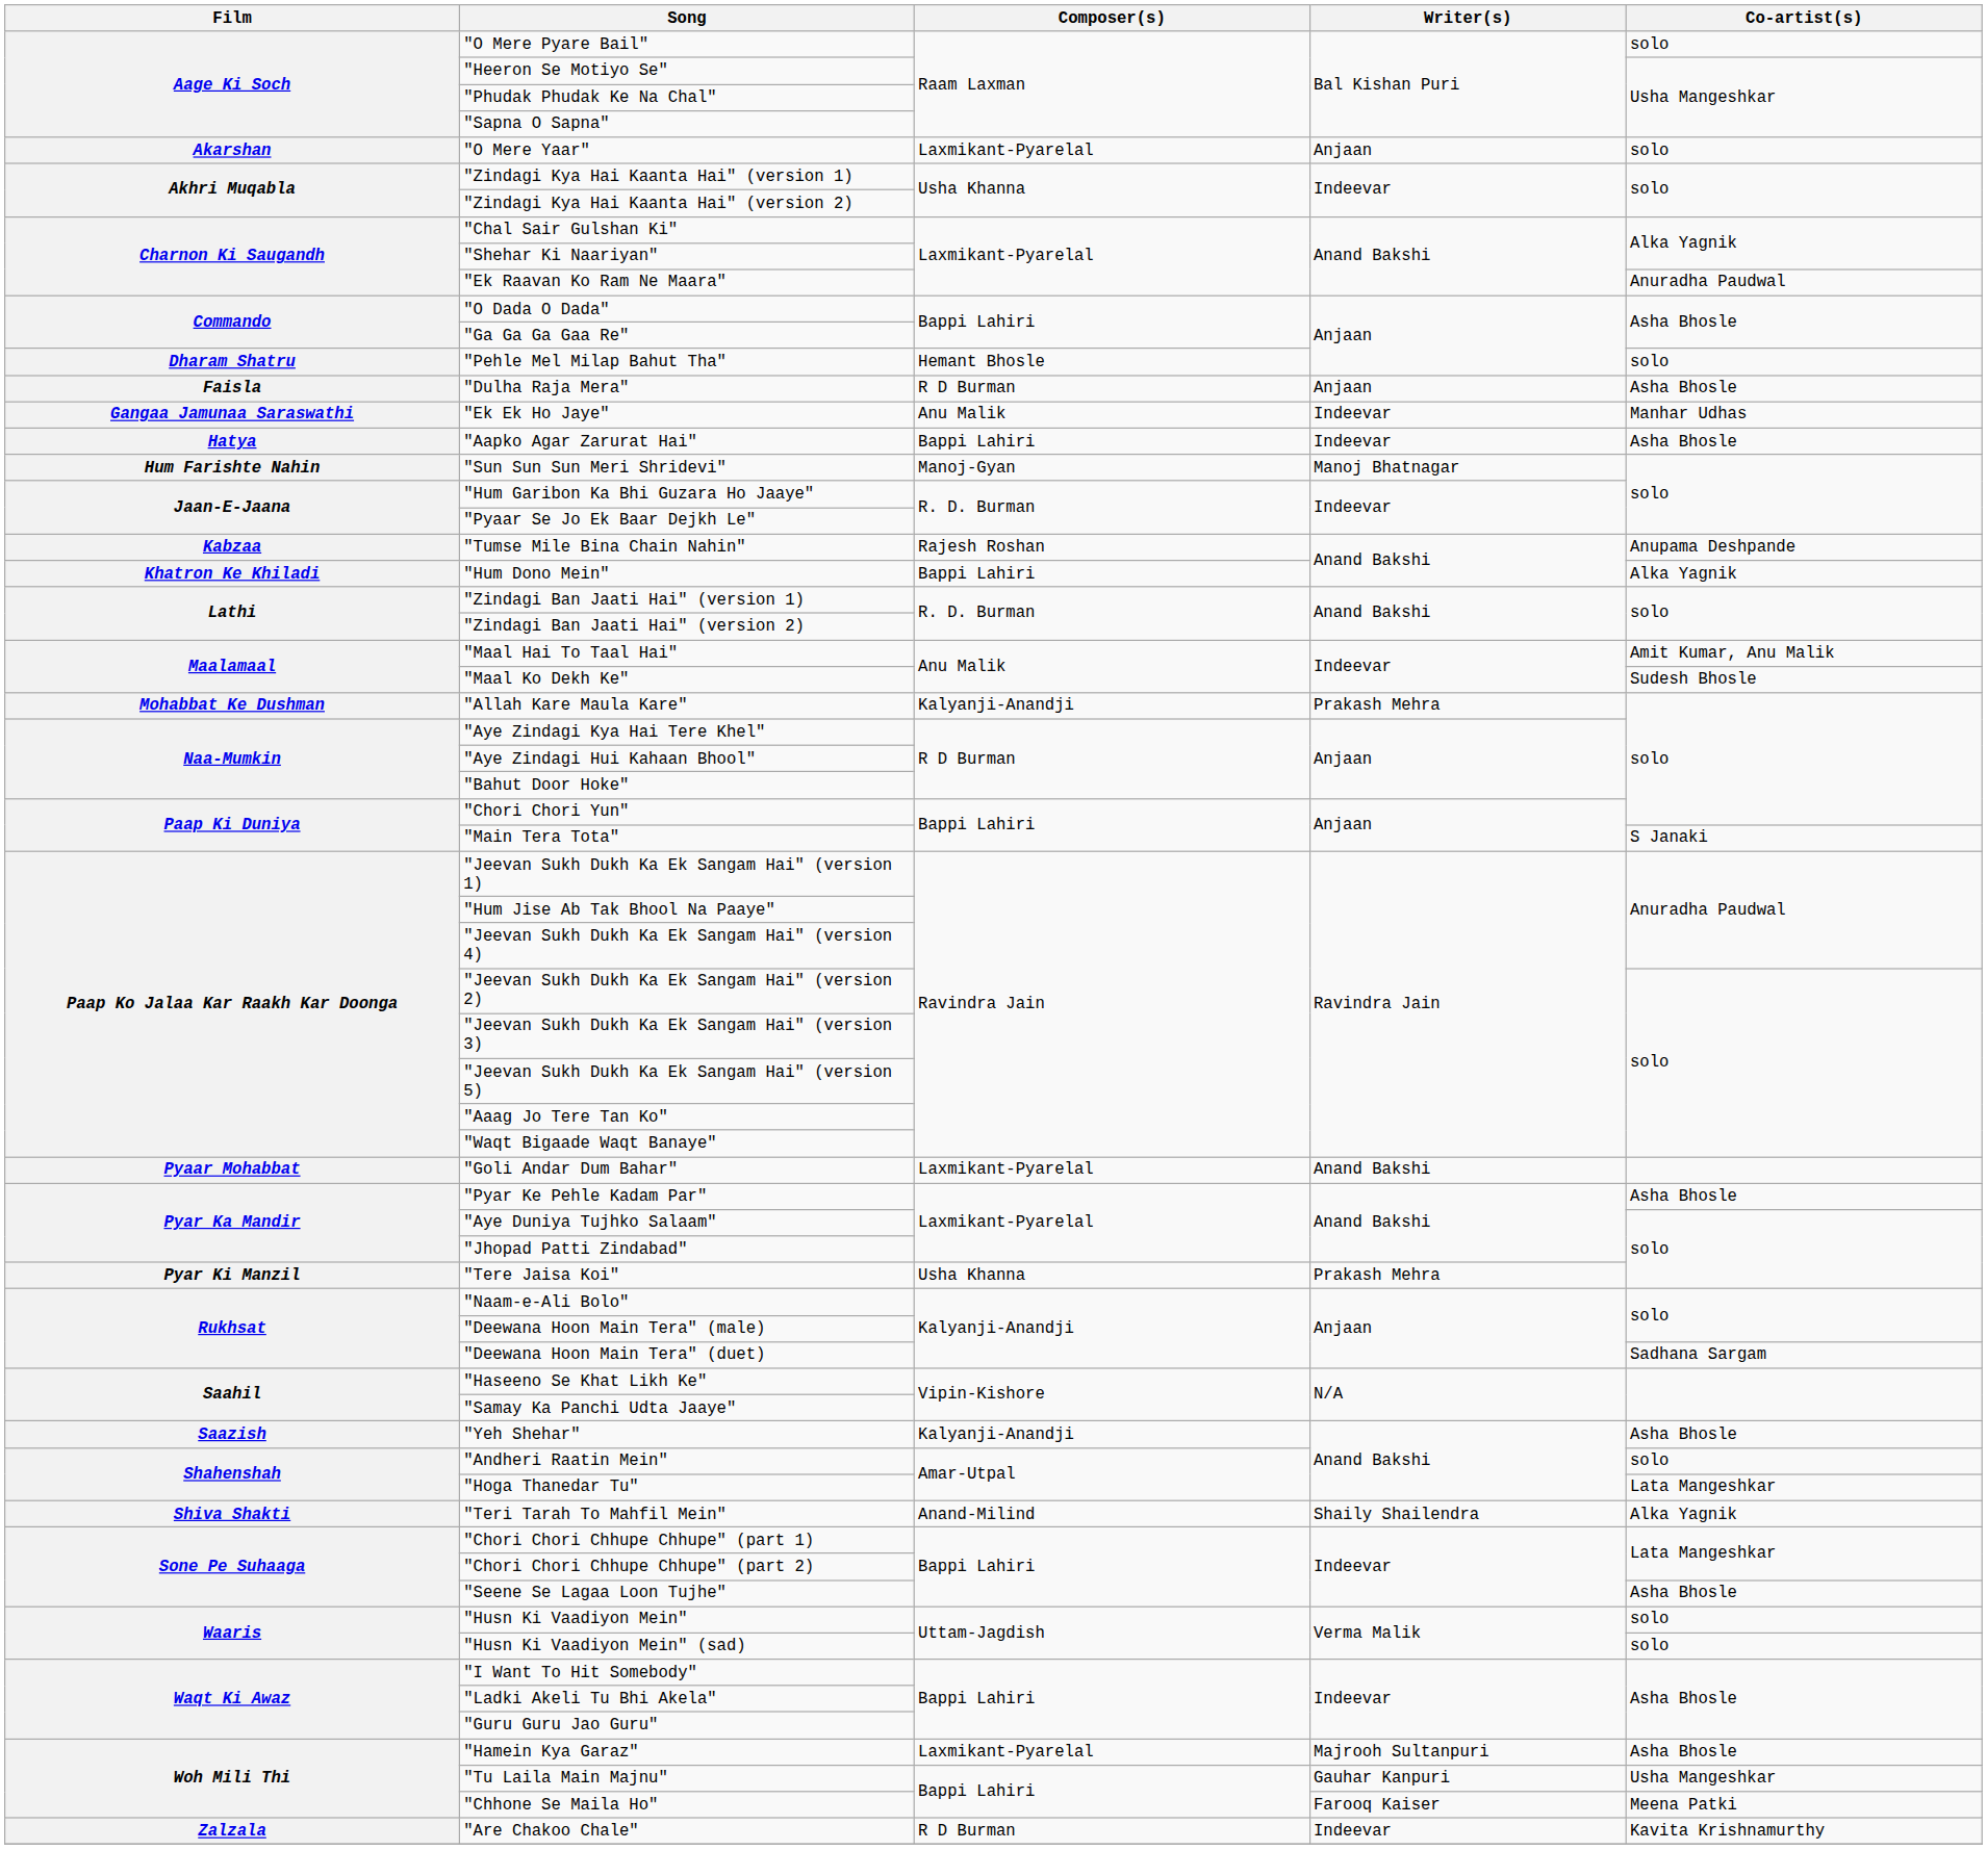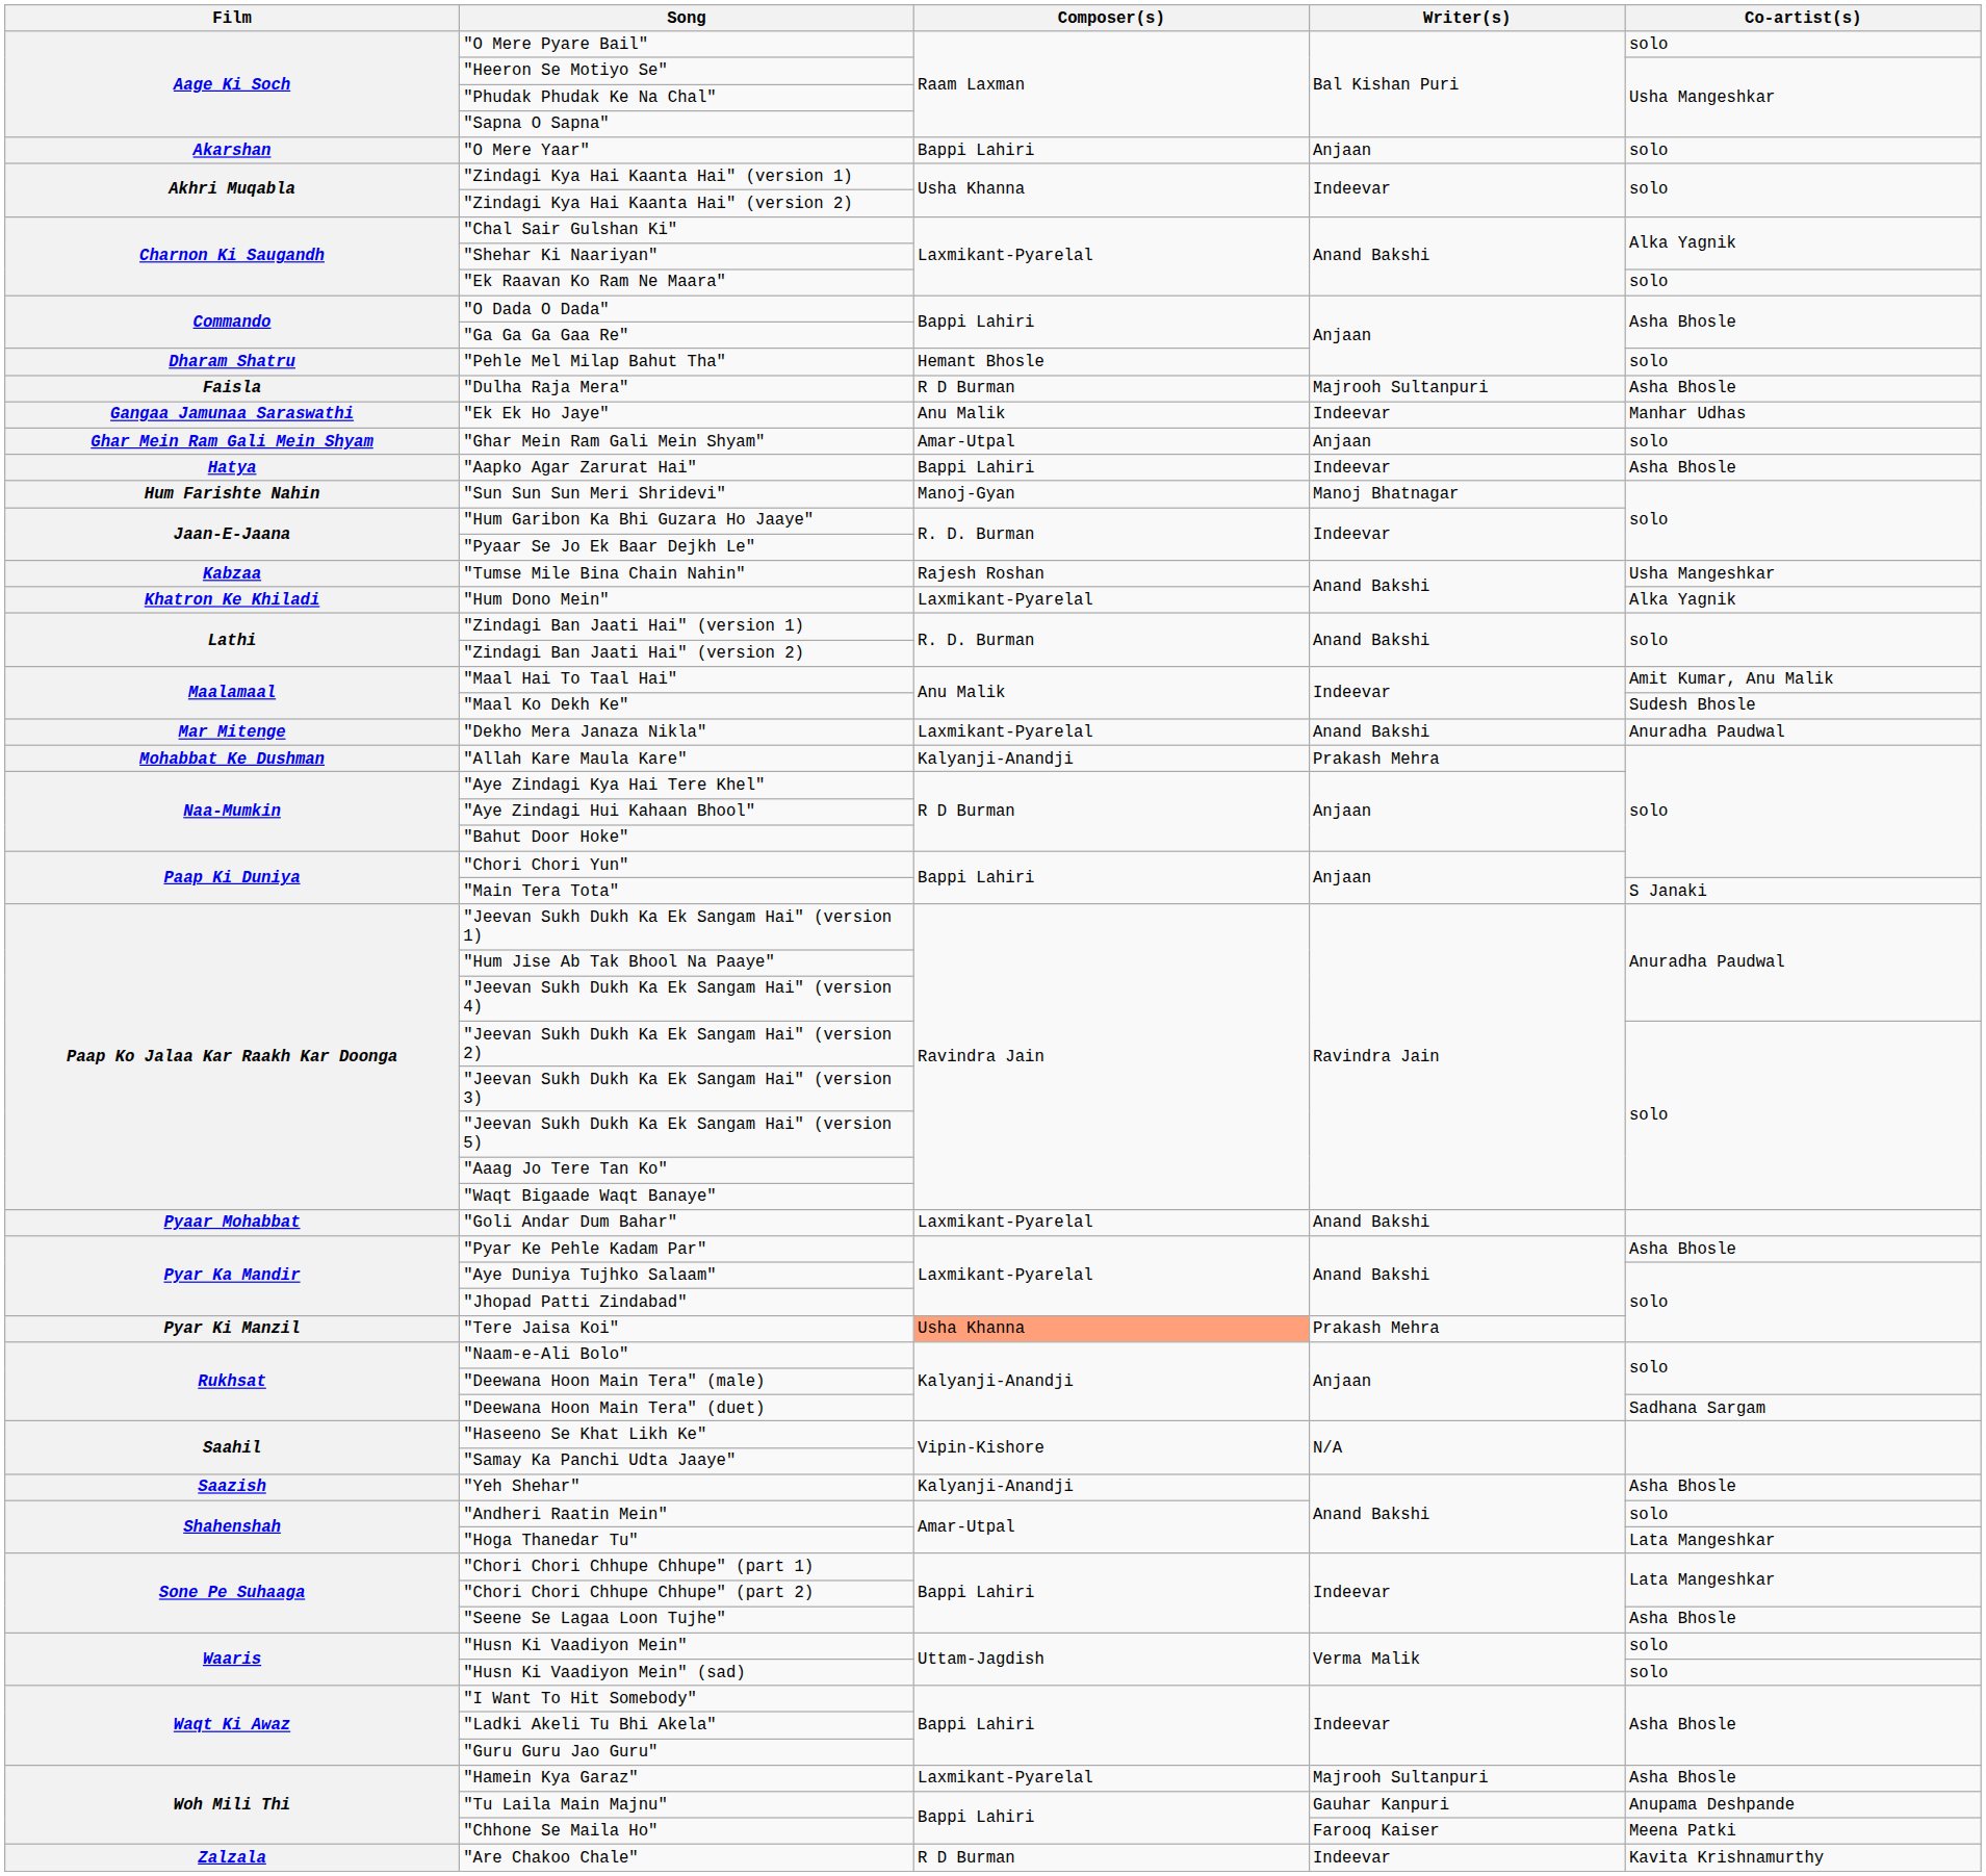 <table class="wikitable plainrowheaders" width="100%" textcolor:#000;">
 <tr style="background:#b0e0e66;">
 <th scope="col" width=23%><strong>Film</strong></th>
 <th scope="col" width=23%><strong>Song</strong></th>
 <th scope="col" width=20%><strong>Composer(s)</strong></th>
 <th scope="col" width=16%><strong>Writer(s)</strong></th>
 <th scope="col" width=18%><strong>Co-artist(s)</strong></th>
 </tr>
 <tr>
 <th rowspan=4><em><a href='#'>Aage Ki Soch</a></em></th>
 <td>"O Mere Pyare Bail"</td>
 <td rowspan=4>Raam Laxman</td>
 <td rowspan=4>Bal Kishan Puri</td>
 <td>solo</td>
 </tr>
 <tr>
 <td>"Heeron Se Motiyo Se"</td>
 <td rowspan=3>Usha Mangeshkar</td>
 </tr>
 <tr>
 <td>"Phudak Phudak Ke Na Chal"</td>
 </tr>
 <tr>
 <td>"Sapna O Sapna"</td>
 </tr>
 <tr>
 <th><em><a href='#'>Akarshan</a></em></th>
 <td>"O Mere Yaar"</td>
-<td>Laxmikant-Pyarelal</td>
+<td>Bappi Lahiri</td>
 <td>Anjaan</td>
 <td>solo</td>
 </tr>
 <tr>
 <th rowspan=2><em>Akhri Muqabla</em></th>
 <td>"Zindagi Kya Hai Kaanta Hai" (version 1)</td>
 <td rowspan=2>Usha Khanna</td>
 <td rowspan=2>Indeevar</td>
 <td rowspan=2>solo</td>
 </tr>
 <tr>
 <td>"Zindagi Kya Hai Kaanta Hai" (version 2)</td>
 </tr>
 <tr>
 <th rowspan=3><em><a href='#'>Charnon Ki Saugandh</a></em></th>
 <td>"Chal Sair Gulshan Ki"</td>
 <td rowspan=3>Laxmikant-Pyarelal</td>
 <td rowspan=3>Anand Bakshi</td>
 <td rowspan=2>Alka Yagnik</td>
 </tr>
 <tr>
 <td>"Shehar Ki Naariyan"</td>
 </tr>
 <tr>
 <td>"Ek Raavan Ko Ram Ne Maara"</td>
-<td>Anuradha Paudwal</td>
+<td>solo</td>
 </tr>
 <tr>
 <th rowspan=2><em><a href='#'>Commando</a></em></th>
 <td>"O Dada O Dada"</td>
 <td rowspan=2>Bappi Lahiri</td>
 <td rowspan=3>Anjaan</td>
 <td Rowspan=2>Asha Bhosle</td>
 </tr>
 <tr>
 <td>"Ga Ga Ga Gaa Re"</td>
 </tr>
 <tr>
 <th><em><a href='#'>Dharam Shatru</a></em></th>
 <td>"Pehle Mel Milap Bahut Tha"</td>
 <td>Hemant Bhosle</td>
 <td>solo</td>
 </tr>
 <tr>
 <th><em>Faisla</em></th>
 <td>"Dulha Raja Mera"</td>
 <td>R D Burman</td>
-<td>Anjaan</td>
+<td>Majrooh Sultanpuri</td>
 <td>Asha Bhosle</td>
 </tr>
 <tr>
 <th><em><a href='#'>Gangaa Jamunaa Saraswathi</a></em></th>
 <td>"Ek Ek Ho Jaye"</td>
 <td>Anu Malik</td>
 <td>Indeevar</td>
 <td>Manhar Udhas</td>
+</tr>
+<tr>
+<th><em><a href='#'>Ghar Mein Ram Gali Mein Shyam</a></em></th>
+<td>"Ghar Mein Ram Gali Mein Shyam"</td>
+<td>Amar-Utpal</td>
+<td>Anjaan</td>
+<td>solo</td>
 </tr>
 <tr>
 <th><em><a href='#'>Hatya</a></em></th>
 <td>"Aapko Agar Zarurat Hai"</td>
 <td>Bappi Lahiri</td>
 <td>Indeevar</td>
 <td>Asha Bhosle</td>
 </tr>
 <tr>
 <th><em>Hum Farishte Nahin</em></th>
 <td>"Sun Sun Sun Meri Shridevi"</td>
 <td>Manoj-Gyan</td>
 <td>Manoj Bhatnagar</td>
 <td rowspan=3>solo</td>
 </tr>
 <tr>
 <th rowspan=2><em>Jaan-E-Jaana</em></th>
 <td>"Hum Garibon Ka Bhi Guzara Ho Jaaye"</td>
 <td rowspan=2>R. D. Burman</td>
 <td rowspan=2>Indeevar</td>
 </tr>
 <tr>
 <td>"Pyaar Se Jo Ek Baar Dejkh Le"</td>
 </tr>
 <tr>
 <th><em><a href='#'>Kabzaa</a></em></th>
 <td>"Tumse Mile Bina Chain Nahin"</td>
 <td>Rajesh Roshan</td>
 <td rowspan=2>Anand Bakshi</td>
-<td>Anupama Deshpande</td>
+<td>Usha Mangeshkar</td>
 </tr>
 <tr>
 <th><em><a href='#'>Khatron Ke Khiladi</a></em></th>
 <td>"Hum Dono Mein"</td>
-<td>Bappi Lahiri</td>
+<td>Laxmikant-Pyarelal</td>
 <td>Alka Yagnik</td>
 </tr>
 <tr>
 <th rowspan=2><em>Lathi</em></th>
 <td>"Zindagi Ban Jaati Hai" (version 1)</td>
 <td rowspan=2>R. D. Burman</td>
 <td rowspan=2>Anand Bakshi</td>
 <td rowspan=2>solo</td>
 </tr>
 <tr>
 <td>"Zindagi Ban Jaati Hai" (version 2)</td>
 </tr>
 <tr>
 <th rowspan=2><em><a href='#'>Maalamaal</a></em></th>
 <td>"Maal Hai To Taal Hai"</td>
 <td rowspan=2>Anu Malik</td>
 <td rowspan=2>Indeevar</td>
 <td>Amit Kumar, Anu Malik</td>
 </tr>
 <tr>
 <td>"Maal Ko Dekh Ke"</td>
 <td>Sudesh Bhosle</td>
+</tr>
+<tr>
+<th><em><a href='#'>Mar Mitenge</a></em></th>
+<td>"Dekho Mera Janaza Nikla"</td>
+<td>Laxmikant-Pyarelal</td>
+<td>Anand Bakshi</td>
+<td>Anuradha Paudwal</td>
 </tr>
 <tr>
 <th><em><a href='#'>Mohabbat Ke Dushman</a></em></th>
 <td>"Allah Kare Maula Kare"</td>
 <td>Kalyanji-Anandji</td>
 <td>Prakash Mehra</td>
 <td rowspan=5>solo</td>
 </tr>
 <tr>
 <th rowspan=3><em><a href='#'>Naa-Mumkin</a></em></th>
 <td>"Aye Zindagi Kya Hai Tere Khel"</td>
 <td rowspan=3>R D Burman</td>
 <td rowspan=3>Anjaan</td>
 </tr>
 <tr>
 <td>"Aye Zindagi Hui Kahaan Bhool"</td>
 </tr>
 <tr>
 <td>"Bahut Door Hoke"</td>
 </tr>
 <tr>
 <th rowspan=2><em><a href='#'>Paap Ki Duniya</a></em></th>
 <td>"Chori Chori Yun"</td>
 <td rowspan=2>Bappi Lahiri</td>
 <td rowspan=2>Anjaan</td>
 </tr>
 <tr>
 <td>"Main Tera Tota"</td>
 <td>S Janaki</td>
 </tr>
 <tr>
 <th rowspan=8><em>Paap Ko Jalaa Kar Raakh Kar Doonga</em></th>
 <td>"Jeevan Sukh Dukh Ka Ek Sangam Hai" (version 1)</td>
 <td rowspan=8>Ravindra Jain</td>
 <td rowspan=8>Ravindra Jain</td>
 <td rowspan=3>Anuradha Paudwal</td>
 </tr>
 <tr>
 <td>"Hum Jise Ab Tak Bhool Na Paaye"</td>
 </tr>
 <tr>
 <td>"Jeevan Sukh Dukh Ka Ek Sangam Hai" (version 4)</td>
 </tr>
 <tr>
 <td>"Jeevan Sukh Dukh Ka Ek Sangam Hai" (version 2)</td>
 <td rowspan=5>solo</td>
 </tr>
 <tr>
 <td>"Jeevan Sukh Dukh Ka Ek Sangam Hai" (version 3)</td>
 </tr>
 <tr>
 <td>"Jeevan Sukh Dukh Ka Ek Sangam Hai" (version 5)</td>
 </tr>
 <tr>
 <td>"Aaag Jo Tere Tan Ko"</td>
 </tr>
 <tr>
 <td>"Waqt Bigaade Waqt Banaye"</td>
 </tr>
 <tr>
 <th><em><a href='#'>Pyaar Mohabbat</a></em></th>
 <td>"Goli Andar Dum Bahar"</td>
 <td>Laxmikant-Pyarelal</td>
 <td>Anand Bakshi</td>
 </tr>
 <tr>
 <th rowspan=3><em><a href='#'>Pyar Ka Mandir</a></em></th>
 <td>"Pyar Ke Pehle Kadam Par"</td>
 <td rowspan=3>Laxmikant-Pyarelal</td>
 <td rowspan=3>Anand Bakshi</td>
 <td>Asha Bhosle</td>
 </tr>
 <tr>
 <td>"Aye Duniya Tujhko Salaam"</td>
 <td rowspan=3>solo</td>
 </tr>
 <tr>
 <td>"Jhopad Patti Zindabad"</td>
 </tr>
 <tr>
 <th><em>Pyar Ki Manzil</em></th>
 <td>"Tere Jaisa Koi"</td>
-<td>Usha Khanna</td>
+<td style="background: lightsalmon;">Usha Khanna</td>
 <td>Prakash Mehra</td>
 </tr>
 <tr>
 <th rowspan=3><em><a href='#'>Rukhsat</a></em></th>
 <td>"Naam-e-Ali Bolo"</td>
 <td rowspan=3>Kalyanji-Anandji</td>
 <td rowspan=3>Anjaan</td>
 <td rowspan=2>solo</td>
 </tr>
 <tr>
 <td>"Deewana Hoon Main Tera" (male)</td>
 </tr>
 <tr>
 <td>"Deewana Hoon Main Tera" (duet)</td>
 <td>Sadhana Sargam</td>
 </tr>
 <tr>
 <th rowspan=2><em>Saahil</em></th>
 <td>"Haseeno Se Khat Likh Ke"</td>
 <td rowspan=2>Vipin-Kishore</td>
 <td rowspan=2>N/A</td>
 </tr>
 <tr>
 <td>"Samay Ka Panchi Udta Jaaye"</td>
 </tr>
 <tr>
 <th><em><a href='#'>Saazish</a></em></th>
 <td>"Yeh Shehar"</td>
 <td>Kalyanji-Anandji</td>
 <td rowspan=3>Anand Bakshi</td>
 <td>Asha Bhosle</td>
 </tr>
 <tr>
 <th rowspan=2><em><a href='#'>Shahenshah</a></em></th>
 <td>"Andheri Raatin Mein"</td>
 <td rowspan=2>Amar-Utpal</td>
 <td>solo</td>
 </tr>
 <tr>
 <td>"Hoga Thanedar Tu"</td>
 <td>Lata Mangeshkar</td>
-</tr>
-<tr>
-<th><em><a href='#'>Shiva Shakti</a></em></th>
-<td>"Teri Tarah To Mahfil Mein"</td>
-<td>Anand-Milind</td>
-<td>Shaily Shailendra</td>
-<td>Alka Yagnik</td>
 </tr>
 <tr>
 <th rowspan=3><em><a href='#'>Sone Pe Suhaaga</a></em></th>
 <td>"Chori Chori Chhupe Chhupe" (part 1)</td>
 <td rowspan=3>Bappi Lahiri</td>
 <td rowspan=3>Indeevar</td>
 <td rowspan=2>Lata Mangeshkar</td>
 </tr>
 <tr>
 <td>"Chori Chori Chhupe Chhupe" (part 2)</td>
 </tr>
 <tr>
 <td>"Seene Se Lagaa Loon Tujhe"</td>
 <td>Asha Bhosle</td>
 </tr>
 <tr>
 <th rowspan=2><em><a href='#'>Waaris</a></em></th>
 <td>"Husn Ki Vaadiyon Mein"</td>
 <td rowspan=2>Uttam-Jagdish</td>
 <td rowspan=2>Verma Malik</td>
 <td>solo</td>
 </tr>
 <tr>
 <td>"Husn Ki Vaadiyon Mein" (sad)</td>
 <td>solo</td>
 </tr>
 <tr>
 <th rowspan=3><em><a href='#'>Waqt Ki Awaz</a></em></th>
 <td>"I Want To Hit Somebody"</td>
 <td rowspan=3>Bappi Lahiri</td>
 <td rowspan=3>Indeevar</td>
 <td rowspan=3>Asha Bhosle</td>
 </tr>
 <tr>
 <td>"Ladki Akeli Tu Bhi Akela"</td>
 </tr>
 <tr>
 <td>"Guru Guru Jao Guru"</td>
 </tr>
 <tr>
 <th rowspan=3><em>Woh Mili Thi</em></th>
 <td>"Hamein Kya Garaz"</td>
 <td>Laxmikant-Pyarelal</td>
 <td>Majrooh Sultanpuri</td>
 <td>Asha Bhosle</td>
 </tr>
 <tr>
 <td>"Tu Laila Main Majnu"</td>
 <td rowspan=2>Bappi Lahiri</td>
 <td>Gauhar Kanpuri</td>
-<td>Usha Mangeshkar</td>
+<td>Anupama Deshpande</td>
 </tr>
 <tr>
 <td>"Chhone Se Maila Ho"</td>
 <td>Farooq Kaiser</td>
 <td>Meena Patki</td>
 </tr>
 <tr>
 <th><em><a href='#'>Zalzala</a></em></th>
 <td>"Are Chakoo Chale"</td>
 <td>R D Burman</td>
 <td>Indeevar</td>
 <td>Kavita Krishnamurthy</td>
 </tr>
 <tr>
 </tr>
 </table>
